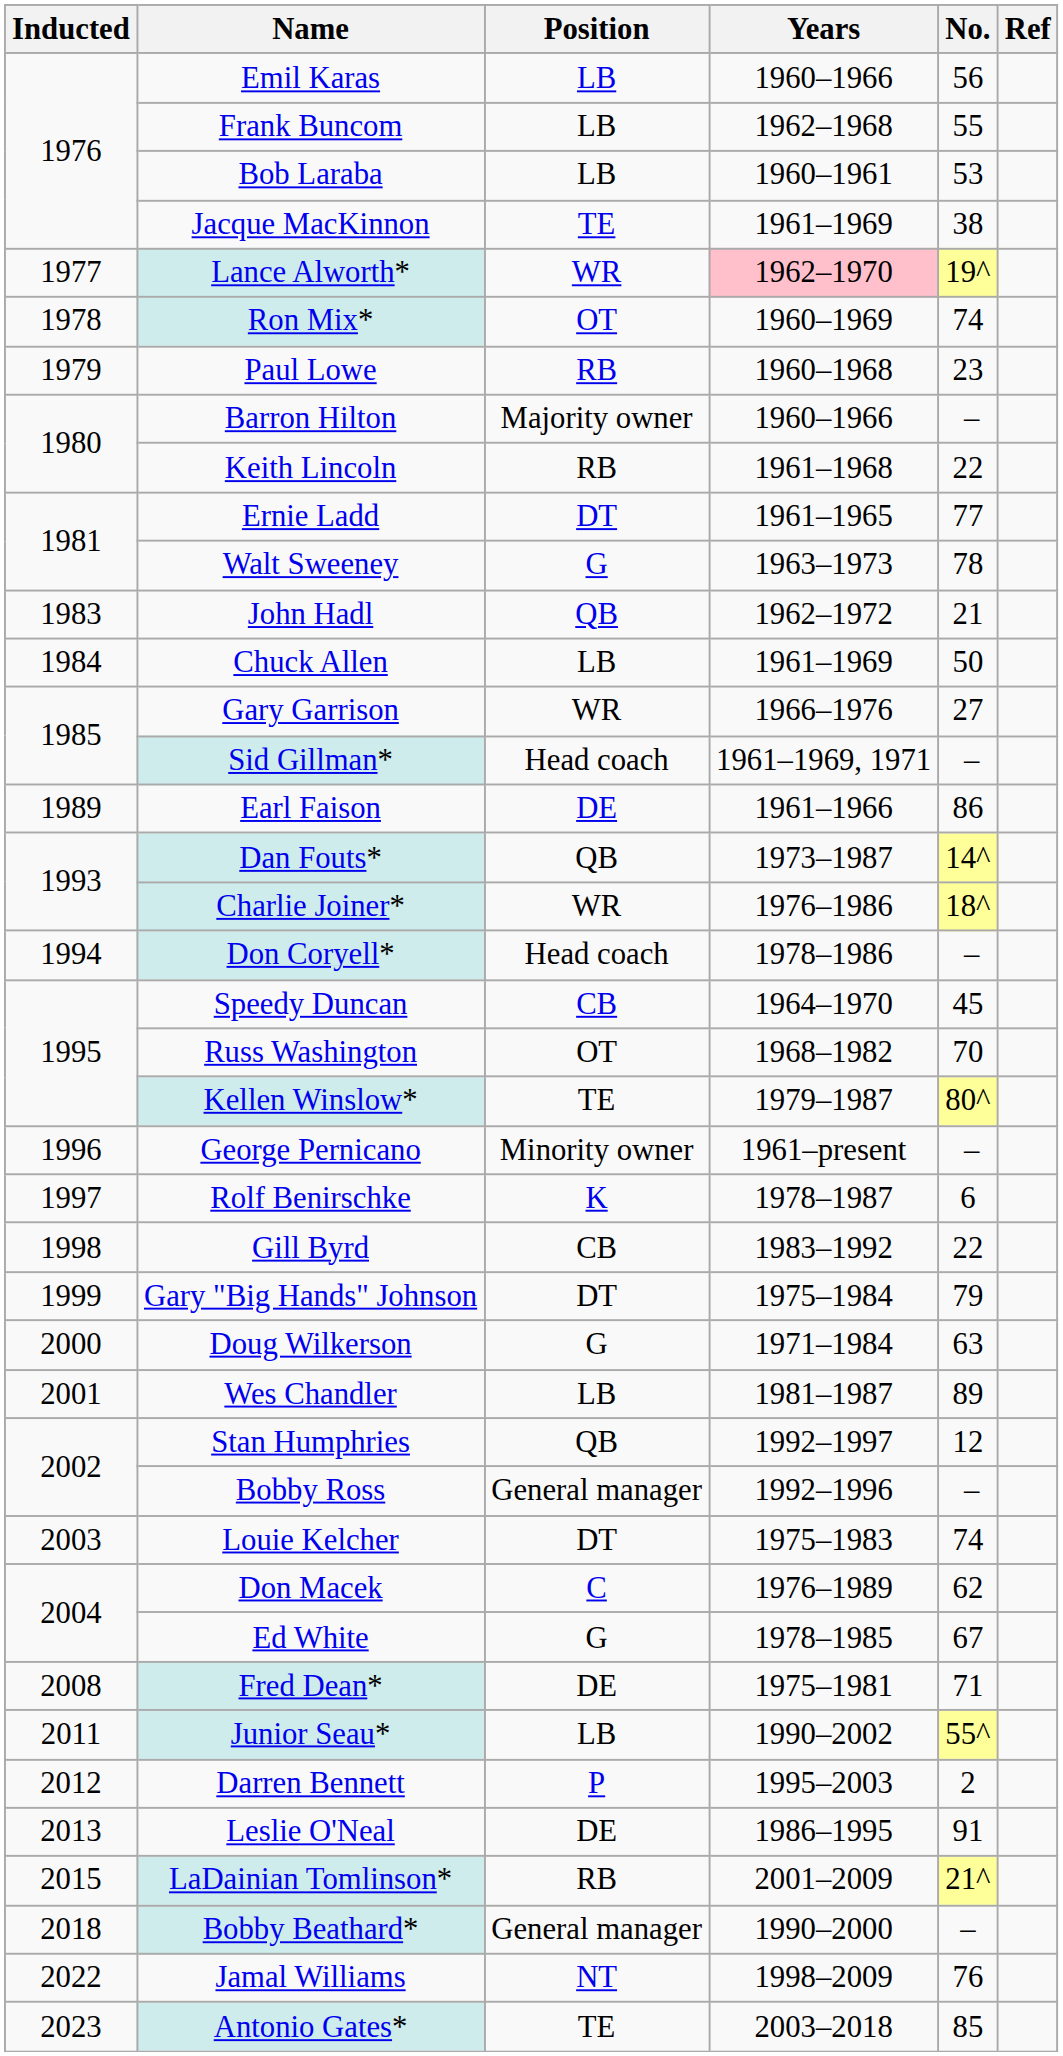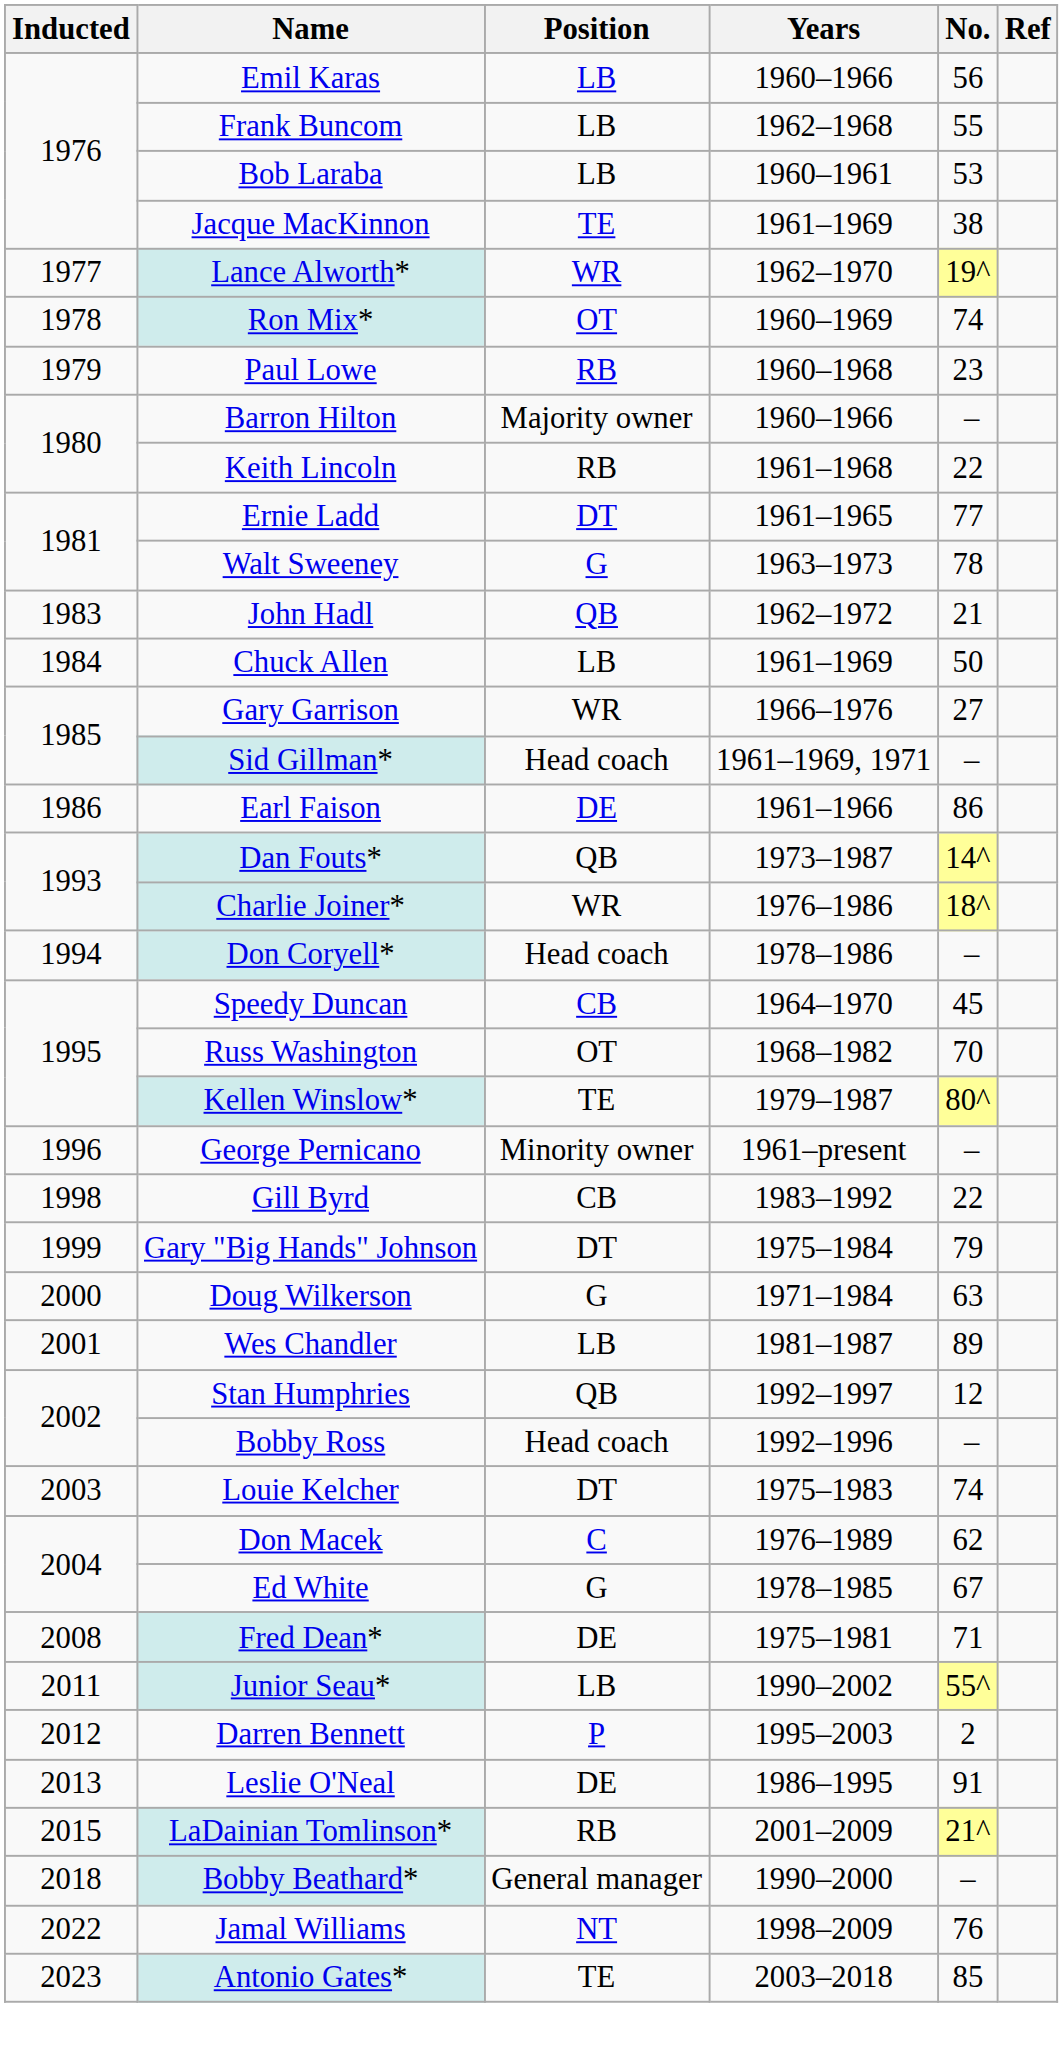 <table class="wikitable sortable" style="text-align:center">
 <tr>
 <th>Inducted</th>
 <th>Name</th>
 <th>Position</th>
 <th>Years</th>
 <th>No.</th>
 <th class="unsortable">Ref</th>
 </tr>
 <tr>
 <td rowspan=4>1976</td>
 <td><a href='#'>Emil Karas</a></td>
 <td><a href='#'>LB</a></td>
 <td>1960–1966</td>
 <td>56</td>
 <td></td>
 </tr>
 <tr>
 <td><a href='#'>Frank Buncom</a></td>
 <td>LB</td>
 <td>1962–1968</td>
 <td>55</td>
 <td></td>
 </tr>
 <tr>
 <td><a href='#'>Bob Laraba</a></td>
 <td>LB</td>
 <td>1960–1961</td>
 <td>53</td>
 <td></td>
 </tr>
 <tr>
 <td><a href='#'>Jacque MacKinnon</a></td>
 <td><a href='#'>TE</a></td>
 <td>1961–1969</td>
 <td>38</td>
 <td></td>
 </tr>
 <tr>
 <td>1977</td>
 <td style="background:#cfecec;"><a href='#'>Lance Alworth</a>*</td>
 <td><a href='#'>WR</a></td>
-<td style="background: pink;">1962–1970</td>
+<td>1962–1970</td>
 <td style="background:#ff9;">19^</td>
 <td></td>
 </tr>
 <tr>
 <td>1978</td>
 <td style="background:#cfecec;"><a href='#'>Ron Mix</a>*</td>
 <td><a href='#'>OT</a></td>
 <td>1960–1969</td>
 <td>74</td>
 <td></td>
 </tr>
 <tr>
 <td>1979</td>
 <td><a href='#'>Paul Lowe</a></td>
 <td><a href='#'>RB</a></td>
 <td>1960–1968</td>
 <td>23</td>
 <td></td>
 </tr>
 <tr>
 <td rowspan=2>1980</td>
 <td><a href='#'>Barron Hilton</a></td>
 <td>Majority owner</td>
 <td>1960–1966</td>
 <td> –</td>
 <td></td>
 </tr>
 <tr>
 <td><a href='#'>Keith Lincoln</a></td>
 <td>RB</td>
 <td>1961–1968</td>
 <td>22</td>
 <td></td>
 </tr>
 <tr>
 <td rowspan=2>1981</td>
 <td><a href='#'>Ernie Ladd</a></td>
 <td><a href='#'>DT</a></td>
 <td>1961–1965</td>
 <td>77</td>
 <td></td>
 </tr>
 <tr>
 <td><a href='#'>Walt Sweeney</a></td>
 <td><a href='#'>G</a></td>
 <td>1963–1973</td>
 <td>78</td>
 <td></td>
 </tr>
 <tr>
 <td>1983</td>
 <td><a href='#'>John Hadl</a></td>
 <td><a href='#'>QB</a></td>
 <td>1962–1972</td>
 <td>21</td>
 <td></td>
 </tr>
 <tr>
 <td>1984</td>
 <td><a href='#'>Chuck Allen</a></td>
 <td>LB</td>
 <td>1961–1969</td>
 <td>50</td>
 <td></td>
 </tr>
 <tr>
 <td rowspan=2>1985</td>
 <td><a href='#'>Gary Garrison</a></td>
 <td>WR</td>
 <td>1966–1976</td>
 <td>27</td>
 <td></td>
 </tr>
 <tr>
 <td style="background:#cfecec;"><a href='#'>Sid Gillman</a>*</td>
 <td>Head coach</td>
 <td>1961–1969, 1971</td>
 <td> –</td>
 <td></td>
 </tr>
 <tr>
-<td>1989</td>
+<td>1986</td>
 <td><a href='#'>Earl Faison</a></td>
 <td><a href='#'>DE</a></td>
 <td>1961–1966</td>
 <td>86</td>
 <td></td>
 </tr>
 <tr>
 <td rowspan=2>1993</td>
 <td style="background:#cfecec;"><a href='#'>Dan Fouts</a>*</td>
 <td>QB</td>
 <td>1973–1987</td>
 <td style="background:#ff9;">14^</td>
 <td></td>
 </tr>
 <tr>
 <td style="background:#cfecec;"><a href='#'>Charlie Joiner</a>*</td>
 <td>WR</td>
 <td>1976–1986</td>
 <td style="background:#ff9;">18^</td>
 <td></td>
 </tr>
 <tr>
 <td>1994</td>
 <td style="background:#cfecec;"><a href='#'>Don Coryell</a>*</td>
 <td>Head coach</td>
 <td>1978–1986</td>
 <td> –</td>
 <td></td>
 </tr>
 <tr>
 <td rowspan=3>1995</td>
 <td><a href='#'>Speedy Duncan</a></td>
 <td><a href='#'>CB</a></td>
 <td>1964–1970</td>
 <td>45</td>
 <td></td>
 </tr>
 <tr>
 <td><a href='#'>Russ Washington</a></td>
 <td Offensive tackle>OT</td>
 <td>1968–1982</td>
 <td>70</td>
 <td></td>
 </tr>
 <tr>
 <td style="background:#cfecec;"><a href='#'>Kellen Winslow</a>*</td>
 <td>TE</td>
 <td>1979–1987</td>
 <td style="background:#ff9;">80^</td>
 <td></td>
 </tr>
 <tr>
 <td>1996</td>
 <td><a href='#'>George Pernicano</a></td>
 <td>Minority owner</td>
 <td>1961–present</td>
 <td> –</td>
 <td></td>
 </tr>
 <tr>
-<td>1997</td>
-<td><a href='#'>Rolf Benirschke</a></td>
-<td><a href='#'>K</a></td>
-<td>1978–1987</td>
-<td>6</td>
-<td></td>
-</tr>
-<tr>
 <td>1998</td>
 <td><a href='#'>Gill Byrd</a></td>
 <td>CB</td>
 <td>1983–1992</td>
 <td>22</td>
 <td></td>
 </tr>
 <tr>
 <td>1999</td>
 <td><a href='#'>Gary "Big Hands" Johnson</a></td>
 <td>DT</td>
 <td>1975–1984</td>
 <td>79</td>
 <td></td>
 </tr>
 <tr>
 <td>2000</td>
 <td><a href='#'>Doug Wilkerson</a></td>
 <td>G</td>
 <td>1971–1984</td>
 <td>63</td>
 <td></td>
 </tr>
 <tr>
 <td>2001</td>
 <td><a href='#'>Wes Chandler</a></td>
 <td>LB</td>
 <td>1981–1987</td>
 <td>89</td>
 <td></td>
 </tr>
 <tr>
 <td rowspan=2>2002</td>
 <td><a href='#'>Stan Humphries</a></td>
 <td>QB</td>
 <td>1992–1997</td>
 <td>12</td>
 <td></td>
 </tr>
 <tr>
 <td><a href='#'>Bobby Ross</a></td>
-<td>General manager</td>
+<td>Head coach</td>
 <td>1992–1996</td>
 <td> –</td>
 <td></td>
 </tr>
 <tr>
 <td>2003</td>
 <td><a href='#'>Louie Kelcher</a></td>
 <td>DT</td>
 <td>1975–1983</td>
 <td>74</td>
 <td></td>
 </tr>
 <tr>
 <td rowspan=2>2004</td>
 <td><a href='#'>Don Macek</a></td>
 <td><a href='#'>C</a></td>
 <td>1976–1989</td>
 <td>62</td>
 <td></td>
 </tr>
 <tr>
 <td><a href='#'>Ed White</a></td>
 <td>G</td>
 <td>1978–1985</td>
 <td>67</td>
 <td></td>
 </tr>
 <tr>
 <td>2008</td>
 <td style="background:#cfecec;"><a href='#'>Fred Dean</a>*</td>
 <td>DE</td>
 <td>1975–1981</td>
 <td>71</td>
 <td></td>
 </tr>
 <tr>
 <td>2011</td>
 <td style="background:#cfecec;"><a href='#'>Junior Seau</a>*</td>
 <td>LB</td>
 <td>1990–2002</td>
 <td style="background:#ff9;">55^</td>
 <td></td>
 </tr>
 <tr>
 <td>2012</td>
 <td><a href='#'>Darren Bennett</a></td>
 <td><a href='#'>P</a></td>
 <td>1995–2003</td>
 <td>2</td>
 <td></td>
 </tr>
 <tr>
 <td>2013</td>
 <td><a href='#'>Leslie O'Neal</a></td>
 <td>DE</td>
 <td>1986–1995</td>
 <td>91</td>
 <td></td>
 </tr>
 <tr>
 <td>2015</td>
 <td style="background:#cfecec;"><a href='#'>LaDainian Tomlinson</a>*</td>
 <td>RB</td>
 <td>2001–2009</td>
 <td style="background:#ff9;">21^</td>
 <td></td>
 </tr>
 <tr>
 <td>2018</td>
 <td style="background:#cfecec;"><a href='#'>Bobby Beathard</a>*</td>
 <td>General manager</td>
 <td>1990–2000</td>
 <td>–</td>
 <td></td>
 </tr>
 <tr>
 <td>2022</td>
 <td><a href='#'>Jamal Williams</a></td>
 <td><a href='#'>NT</a></td>
 <td>1998–2009</td>
 <td>76</td>
 <td></td>
 </tr>
 <tr>
 <td>2023</td>
 <td style="background:#cfecec;"><a href='#'>Antonio Gates</a>*</td>
 <td>TE</td>
 <td>2003–2018</td>
 <td>85</td>
 <td></td>
 </tr>
 </table>
